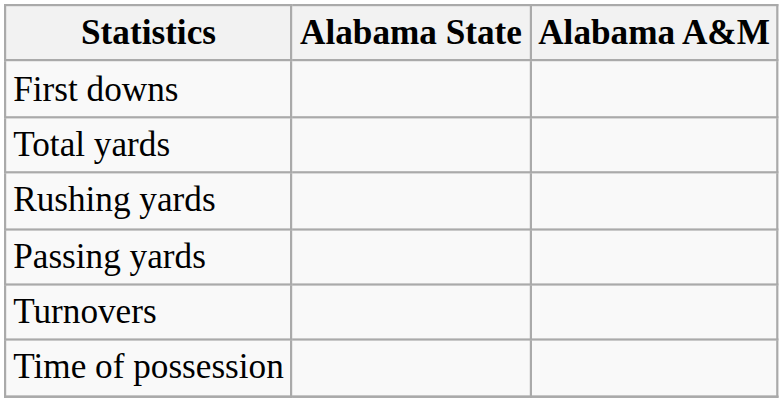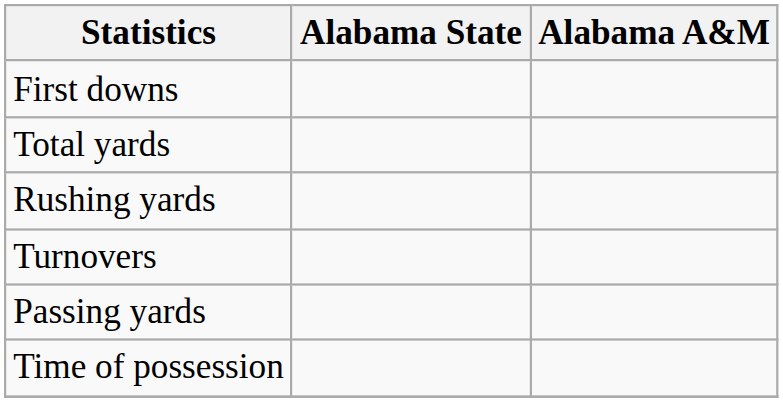 <table class="wikitable">
 <tr>
 <th>Statistics</th>
 <th>Alabama State</th>
 <th>Alabama A&M</th>
 </tr>
 <tr>
 <td>First downs</td>
 <td> </td>
 <td> </td>
 </tr>
 <tr>
 <td>Total yards</td>
 <td> </td>
 <td> </td>
 </tr>
 <tr>
 <td>Rushing yards</td>
 <td> </td>
 <td> </td>
 </tr>
 <tr>
-<td>Passing yards</td>
+<td>Turnovers</td>
 <td> </td>
 <td> </td>
 </tr>
 <tr>
-<td>Turnovers</td>
+<td>Passing yards</td>
 <td> </td>
 <td> </td>
 </tr>
 <tr>
 <td>Time of possession</td>
 <td> </td>
 <td> </td>
 </tr>
 <tr>
 </tr>
 </table>
